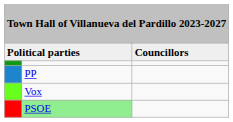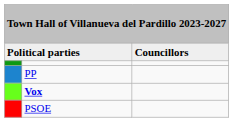 <table class="wikitable" style="margin-left: auto; margin-right: auto; border: none;">
 <tr ---->
 <td colspan="5" bgcolor="#C0C0C0"><p><strong>Town Hall of Villanueva del Pardillo 2023-2027</strong></p></td>
 </tr>
 <tr ---->
 <td bgcolor="#EFEFEF" colspan=2><strong>Political parties</strong></td>
 <td bgcolor="#EFEFEF"><strong>Councillors</strong></td>
 </tr>
 <tr ---->
 <td style="color:inherit;background:#0e9913"></td>
 <td> </td>
 <td></td>
 </tr>
 <tr ---->
 <td style="color:inherit;background:#1D84CE"></td>
 <td><a href='#'>PP</a> </td>
 <td></td>
 </tr>
 <tr ---->
 <td style="color:inherit;background:#67FF1B"></td>
-<td><a href='#'>Vox</a> </td>
+<td><strong><a href='#'>Vox</a> </strong></td>
 <td></td>
 </tr>
 <tr ---->
 <td style="color:inherit;background:#FF0000"></td>
-<td style="background: lightgreen;"><a href='#'>PSOE</a> </td>
+<td><a href='#'>PSOE</a> </td>
 <td></td>
 </tr>
 </table>
